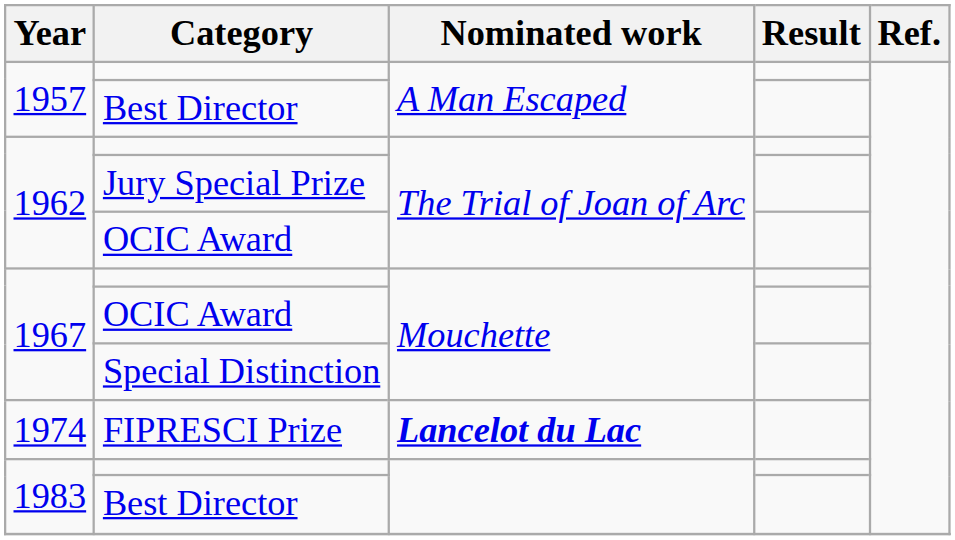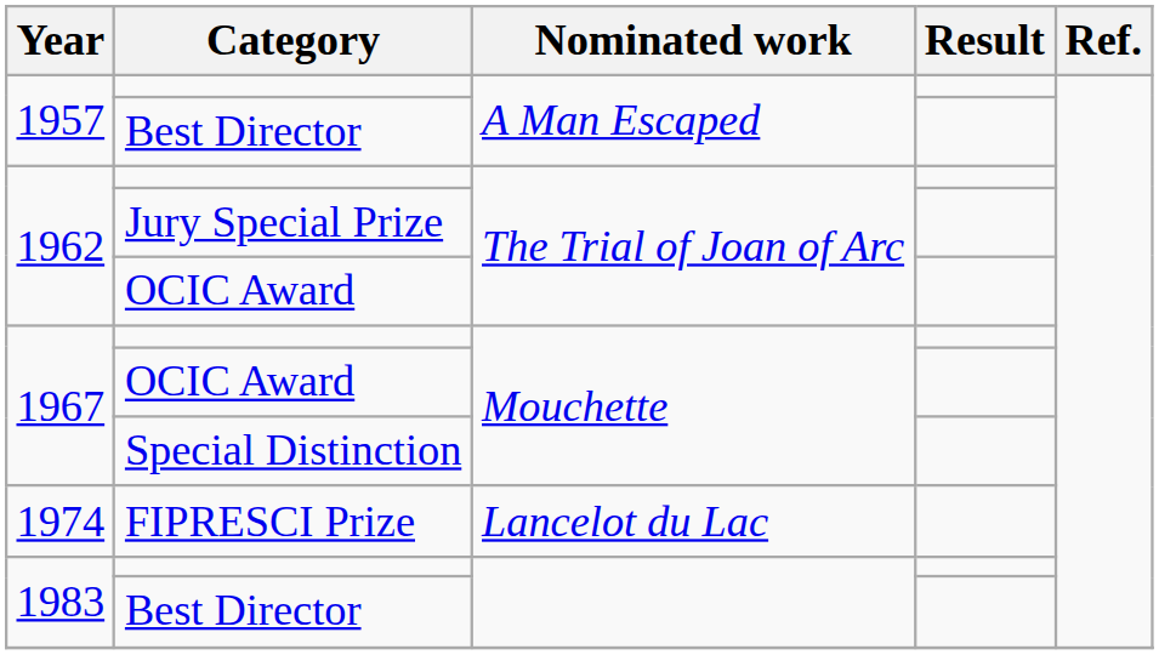 <table class="wikitable">
 <tr>
 <th>Year</th>
 <th>Category</th>
 <th>Nominated work</th>
 <th>Result</th>
 <th>Ref.</th>
 </tr>
 <tr>
 <td rowspan=2><a href='#'>1957</a></td>
 <td></td>
 <td rowspan=2><em><a href='#'>A Man Escaped</a></em></td>
 <td></td>
 <td rowspan=11></td>
 </tr>
 <tr>
 <td><a href='#'>Best Director</a></td>
 <td></td>
 </tr>
 <tr>
 <td rowspan=3><a href='#'>1962</a></td>
 <td></td>
 <td rowspan=3><em><a href='#'>The Trial of Joan of Arc</a></em></td>
 <td></td>
 </tr>
 <tr>
 <td><a href='#'>Jury Special Prize</a></td>
 <td></td>
 </tr>
 <tr>
 <td><a href='#'>OCIC Award</a></td>
 <td></td>
 </tr>
 <tr>
 <td rowspan=3><a href='#'>1967</a></td>
 <td></td>
 <td rowspan=3><em><a href='#'>Mouchette</a></em></td>
 <td></td>
 </tr>
 <tr>
 <td><a href='#'>OCIC Award</a></td>
 <td></td>
 </tr>
 <tr>
 <td><a href='#'>Special Distinction</a></td>
 <td></td>
 </tr>
 <tr>
 <td><a href='#'>1974</a></td>
 <td><a href='#'>FIPRESCI Prize</a></td>
-<td><strong><em><a href='#'>Lancelot du Lac</a></em></strong></td>
+<td><em><a href='#'>Lancelot du Lac</a></em></td>
 <td></td>
 </tr>
 <tr>
 <td rowspan=2><a href='#'>1983</a></td>
 <td></td>
 <td rowspan=2></td>
 <td></td>
 </tr>
 <tr>
 <td><a href='#'>Best Director</a></td>
 <td></td>
 </tr>
 <tr>
 </tr>
 </table>
